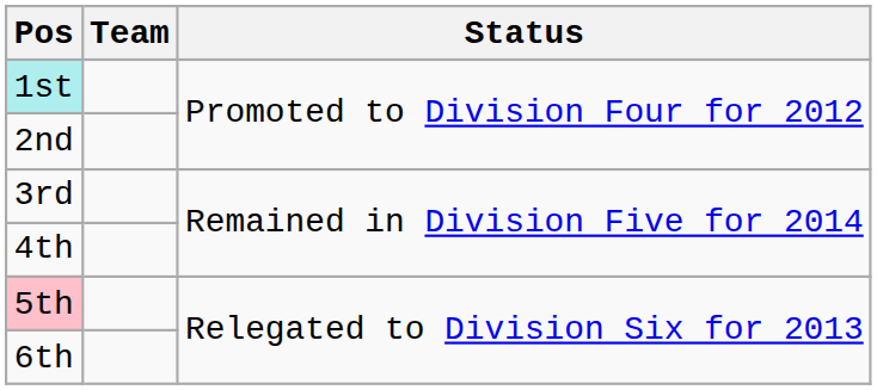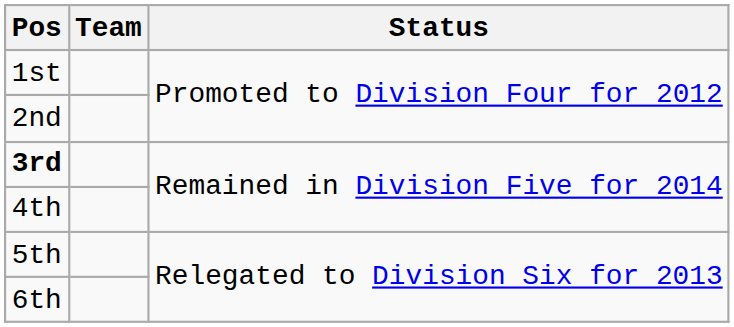 <table class="wikitable">
 <tr>
 <th>Pos</th>
 <th>Team</th>
 <th>Status</th>
 </tr>
 <tr>
-<td style="background: paleturquoise; text-align:center;">1st</td>
+<td style="text-align:center;">1st</td>
 <td></td>
 <td rowspan=2>Promoted to <a href='#'>Division Four for 2012</a></td>
 </tr>
 <tr>
 <td style="text-align:center;">2nd</td>
 <td></td>
 </tr>
 <tr>
-<td style="text-align:center;">3rd</td>
+<td style="text-align:center;"><strong>3rd</strong></td>
 <td></td>
 <td rowspan=2>Remained in <a href='#'>Division Five for 2014</a></td>
 </tr>
 <tr>
 <td style="text-align:center;">4th</td>
 <td></td>
 </tr>
 <tr>
-<td style="background: pink; text-align:center;">5th</td>
+<td style="text-align:center;">5th</td>
 <td></td>
 <td rowspan=2>Relegated to <a href='#'>Division Six for 2013</a></td>
 </tr>
 <tr>
 <td style="text-align:center;">6th</td>
 <td></td>
 </tr>
 </table>
